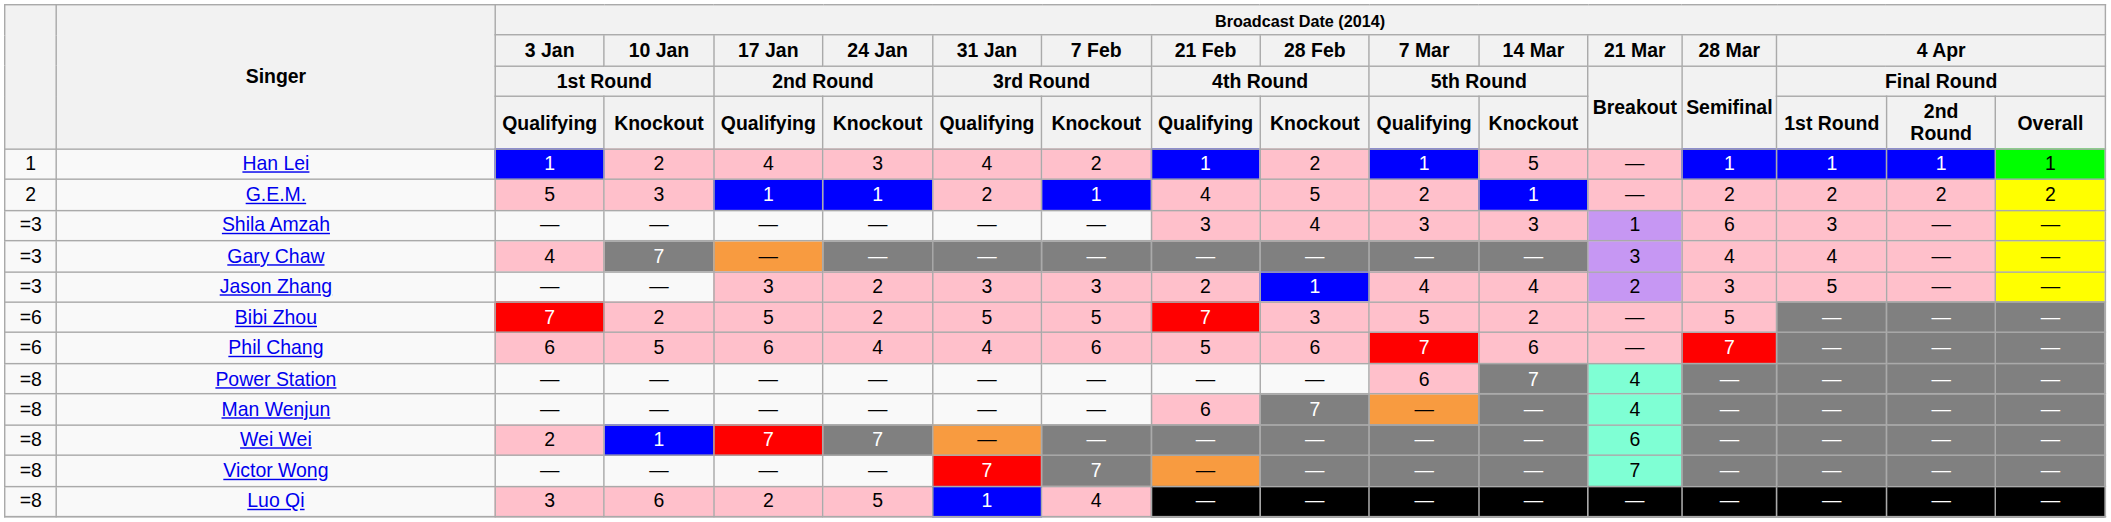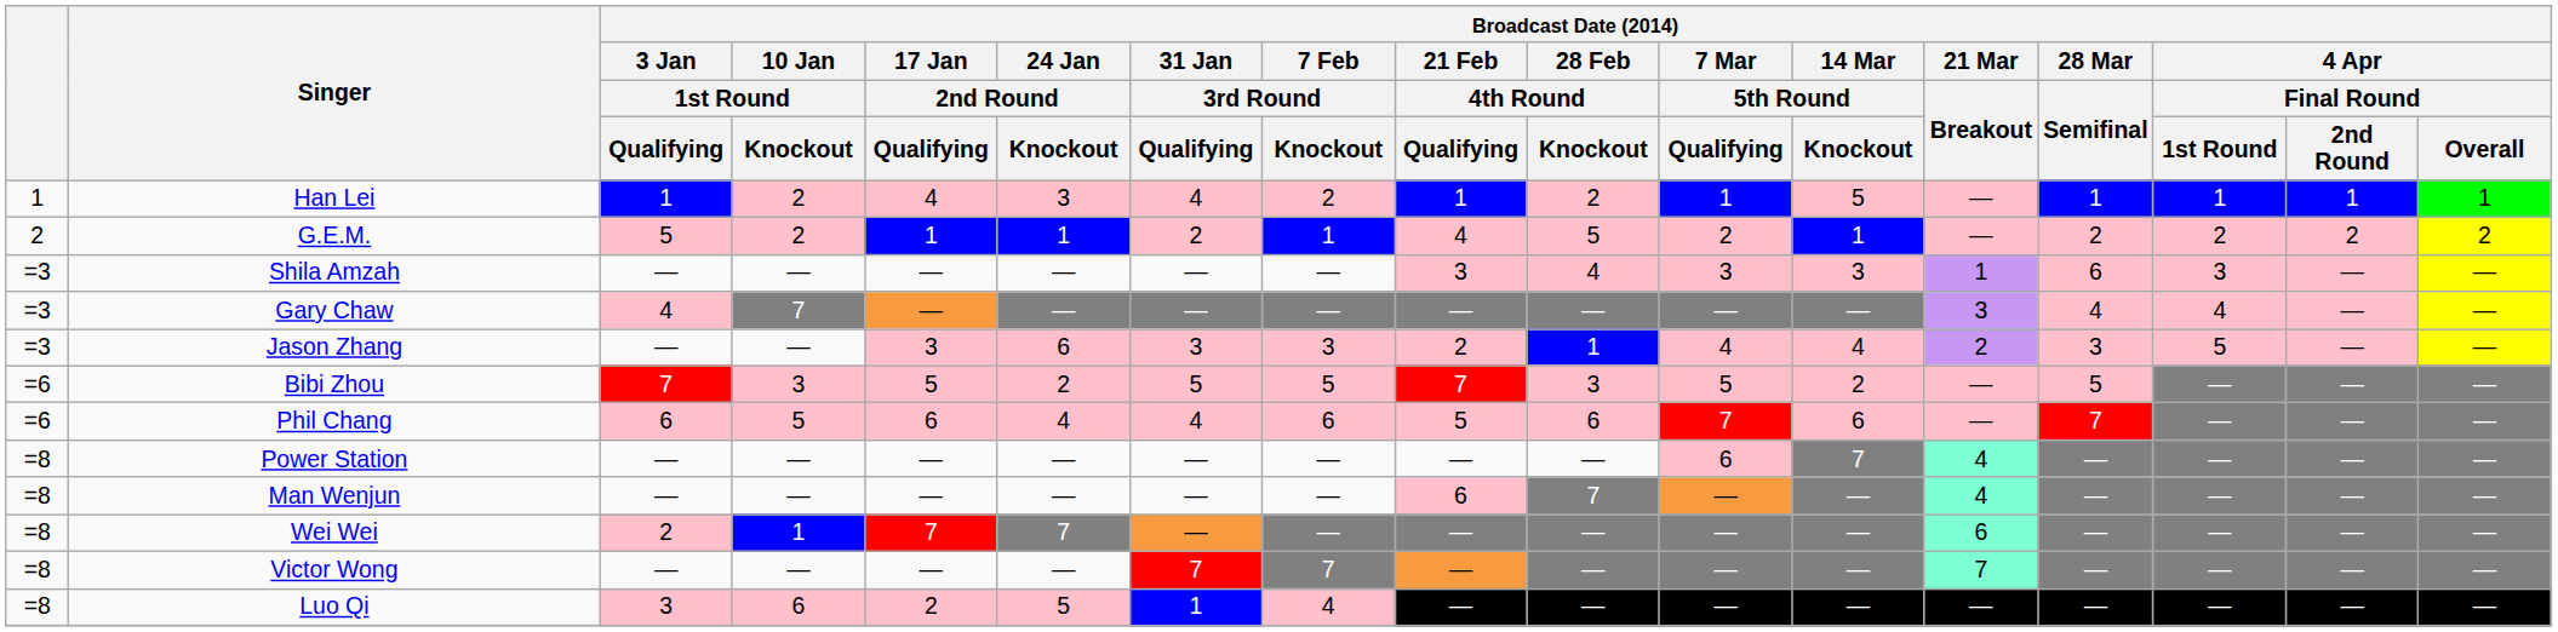 <table class="wikitable" style="text-align:center; font-size:85%">
 <tr>
 <th rowspan="4" width="30"></th>
 <th rowspan="4" width="300" class="unsortable">Singer</th>
 <th colspan="15"><small>Broadcast Date (2014)</small></th>
 </tr>
 <tr>
 <th width="30">3 Jan</th>
 <th width="30">10 Jan</th>
 <th width="30">17 Jan</th>
 <th width="30">24 Jan</th>
 <th width="30">31 Jan</th>
 <th width="30">7 Feb</th>
 <th width="30">21 Feb</th>
 <th width="30">28 Feb</th>
 <th width="30">7 Mar</th>
 <th width="30">14 Mar</th>
 <th width="30">21 Mar</th>
 <th width="30">28 Mar</th>
 <th colspan="3" width="30">4 Apr</th>
 </tr>
 <tr>
 <th colspan="2">1st Round</th>
 <th colspan="2">2nd Round</th>
 <th colspan="2">3rd Round</th>
 <th colspan="2">4th Round</th>
 <th colspan="2">5th Round</th>
 <th rowspan="2">Breakout</th>
 <th rowspan="2">Semifinal</th>
 <th colspan="3">Final Round</th>
 </tr>
 <tr>
 <th width="70" data-sort-type="text">Qualifying</th>
 <th width="70" data-sort-type="text">Knockout</th>
 <th width="70" data-sort-type="text">Qualifying</th>
 <th width="70" data-sort-type="text">Knockout</th>
 <th width="70" data-sort-type="text">Qualifying</th>
 <th width="70" data-sort-type="text">Knockout</th>
 <th width="70" data-sort-type="text">Qualifying</th>
 <th width="70" data-sort-type="text">Knockout</th>
 <th width="70" data-sort-type="text">Qualifying</th>
 <th width="70" data-sort-type="text">Knockout</th>
 <th width="70" data-sort-type="text">1st Round</th>
 <th width="70" data-sort-type="text">2nd Round</th>
 <th width="70" data-sort-type="text">Overall</th>
 </tr>
 <tr>
 <td>1</td>
 <td><a href='#'>Han Lei</a></td>
 <td style="background: blue; color: white">1</td>
 <td style="background: pink;">2</td>
 <td style="background: pink;">4</td>
 <td style="background: pink;">3</td>
 <td style="background: pink;">4</td>
 <td style="background: pink;">2</td>
 <td style="background: blue; color: white">1</td>
 <td style="background: pink;">2</td>
 <td style="background: blue; color: white">1</td>
 <td style="background: pink;">5</td>
 <td style="background: pink;">—</td>
 <td style="background: blue; color: white">1</td>
 <td style="background: blue; color: white">1</td>
 <td style="background: blue; color: white">1</td>
 <td style="background: lime;">1 </td>
 </tr>
 <tr>
 <td>2</td>
 <td><a href='#'>G.E.M.</a></td>
 <td style="background: pink;">5</td>
-<td style="background: pink;">3</td>
+<td style="background: pink;">2</td>
 <td style="background: blue; color: white">1</td>
 <td style="background: blue; color: white">1</td>
 <td style="background: pink;">2</td>
 <td style="background: blue; color: white">1</td>
 <td style="background: pink;">4</td>
 <td style="background: pink;">5</td>
 <td style="background: pink;">2</td>
 <td style="background: blue; color: white">1</td>
 <td style="background: pink;">—</td>
 <td style="background: pink;">2</td>
 <td style="background: pink;">2</td>
 <td style="background: pink;">2</td>
 <td style="background: yellow;">2 </td>
 </tr>
 <tr>
 <td>=3</td>
 <td><a href='#'>Shila Amzah</a></td>
 <td>—</td>
 <td>—</td>
 <td>—</td>
 <td>—</td>
 <td>—</td>
 <td>—</td>
 <td style="background: pink;">3</td>
 <td style="background: pink;">4</td>
 <td style="background: pink;">3</td>
 <td style="background: pink;">3</td>
 <td style="background:#C697F3;">1</td>
 <td style="background: pink;">6</td>
 <td style="background: pink;">3</td>
 <td style="background: pink;">—</td>
 <td style="background: yellow">—</td>
 </tr>
 <tr>
 <td>=3</td>
 <td><a href='#'>Gary Chaw</a></td>
 <td style="background: pink;">4</td>
 <td style="background: grey; color: white">7</td>
 <td style="background: #F89B40;">—</td>
 <td style="background: grey; color: white">—</td>
 <td style="background: grey; color: white">—</td>
 <td style="background: grey; color: white">—</td>
 <td style="background: grey; color: white">—</td>
 <td style="background: grey; color: white">—</td>
 <td style="background: grey; color: white">—</td>
 <td style="background: grey; color: white">—</td>
 <td style="background: #C697F3;">3</td>
 <td style="background: pink;">4</td>
 <td style="background: pink;">4</td>
 <td style="background: pink;">—</td>
 <td style="background: Yellow">—</td>
 </tr>
 <tr>
 <td>=3</td>
 <td><a href='#'>Jason Zhang</a></td>
 <td>—</td>
 <td>—</td>
 <td style="background: pink;">3</td>
-<td style="background: pink;">2</td>
+<td style="background: pink;">6</td>
 <td style="background: pink;">3</td>
 <td style="background: pink;">3</td>
 <td style="background: pink;">2</td>
 <td style="background: blue; color: white">1</td>
 <td style="background: pink;">4</td>
 <td style="background: pink;">4</td>
 <td style="background:#C697F3;">2</td>
 <td style="background: pink;">3</td>
 <td style="background: pink;">5</td>
 <td style="background: pink;">—</td>
 <td style="background: yellow">—</td>
 </tr>
 <tr>
 <td>=6</td>
 <td><a href='#'>Bibi Zhou</a></td>
 <td style="background: red; color: white">7</td>
-<td style="background: pink;">2</td>
+<td style="background: pink;">3</td>
 <td style="background: pink;">5</td>
 <td style="background: pink;">2</td>
 <td style="background: pink;">5</td>
 <td style="background: pink;">5</td>
 <td style="background: red; color: white">7</td>
 <td style="background: pink;">3</td>
 <td style="background: pink;">5</td>
 <td style="background: pink;">2</td>
 <td style="background: pink;">—</td>
 <td style="background: pink;">5</td>
 <td style="background: grey; color: white">—</td>
 <td style="background: grey; color: white">—</td>
 <td style="background: grey; color: white">—</td>
 </tr>
 <tr>
 <td>=6</td>
 <td><a href='#'>Phil Chang</a></td>
 <td style="background: pink;">6</td>
 <td style="background: pink;">5</td>
 <td style="background: pink;">6</td>
 <td style="background: pink;">4</td>
 <td style="background: pink;">4</td>
 <td style="background: pink;">6</td>
 <td style="background: pink;">5</td>
 <td style="background: pink;">6</td>
 <td style="background: red; color: white">7</td>
 <td style="background: pink;">6</td>
 <td style="background: pink;">—</td>
 <td style="background: red; color: white">7</td>
 <td style="background: grey; color: white">—</td>
 <td style="background: grey; color: white">—</td>
 <td style="background: grey; color: white">—</td>
 </tr>
 <tr>
 <td>=8</td>
 <td><a href='#'>Power Station</a></td>
 <td>—</td>
 <td>—</td>
 <td>—</td>
 <td>—</td>
 <td>—</td>
 <td>—</td>
 <td>—</td>
 <td>—</td>
 <td style="background: pink;">6</td>
 <td style="background: grey; color: white">7</td>
 <td style="background:#7FFFD4;">4</td>
 <td style="background: grey; color: white">—</td>
 <td style="background: grey; color: white">—</td>
 <td style="background: grey; color: white">—</td>
 <td style="background: grey; color: white">—</td>
 </tr>
 <tr>
 <td>=8</td>
 <td><a href='#'>Man Wenjun</a></td>
 <td>—</td>
 <td>—</td>
 <td>—</td>
 <td>—</td>
 <td>—</td>
 <td>—</td>
 <td style="background: pink;">6</td>
 <td style="background: grey; color: white">7</td>
 <td style="background: #F89B40;">—</td>
 <td style="background: grey; color: white">—</td>
 <td style="background:#7FFFD4;">4</td>
 <td style="background: grey; color: white">—</td>
 <td style="background: grey; color: white">—</td>
 <td style="background: grey; color: white">—</td>
 <td style="background: grey; color: white">—</td>
 </tr>
 <tr>
 <td>=8</td>
 <td><a href='#'>Wei Wei</a></td>
 <td style="background: pink;">2</td>
 <td style="background: blue; color: white">1</td>
 <td style="background: red; color: white">7</td>
 <td style="background: grey; color: white">7</td>
 <td style="background: #F89B40;">—</td>
 <td style="background: grey; color: white">—</td>
 <td style="background: grey; color: white">—</td>
 <td style="background: grey; color: white">—</td>
 <td style="background: grey; color: white">—</td>
 <td style="background: grey; color: white">—</td>
 <td style="background:#7FFFD4;">6</td>
 <td style="background: grey; color: white">—</td>
 <td style="background: grey; color: white">—</td>
 <td style="background: grey; color: white">—</td>
 <td style="background: grey; color: white">—</td>
 </tr>
 <tr>
 <td>=8</td>
 <td><a href='#'>Victor Wong</a></td>
 <td>—</td>
 <td>—</td>
 <td>—</td>
 <td>—</td>
 <td style="background: red; color: white">7</td>
 <td style="background: grey; color: white">7</td>
 <td style="background: #F89B40;">—</td>
 <td style="background: grey; color: white">—</td>
 <td style="background: grey; color: white">—</td>
 <td style="background: grey; color: white">—</td>
 <td style="background:#7FFFD4;">7</td>
 <td style="background: grey; color: white">—</td>
 <td style="background: grey; color: white">—</td>
 <td style="background: grey; color: white">—</td>
 <td style="background: grey; color: white">—</td>
 </tr>
 <tr>
 <td>=8</td>
 <td><a href='#'>Luo Qi</a></td>
 <td style="background: pink;">3</td>
 <td style="background: pink;">6</td>
 <td style="background: pink;">2</td>
 <td style="background: pink;">5</td>
 <td style="background: blue; color: white">1</td>
 <td style="background: pink;">4</td>
 <td style="background: black; color: white">—</td>
 <td style="background: black; color: white">—</td>
 <td style="background: black; color: white">—</td>
 <td style="background: black; color: white">—</td>
 <td style="background: black; color: white">—</td>
 <td style="background: black; color: white">—</td>
 <td style="background: black; color: white">—</td>
 <td style="background: black; color: white">—</td>
 <td style="background: black; color: white">—</td>
 </tr>
 <tr>
 </tr>
 </table>
